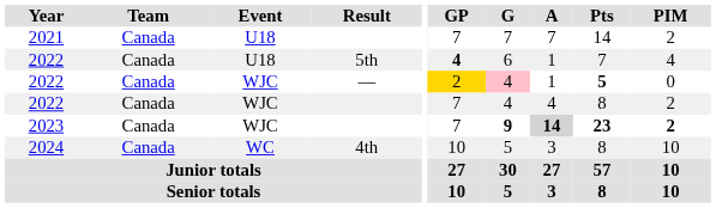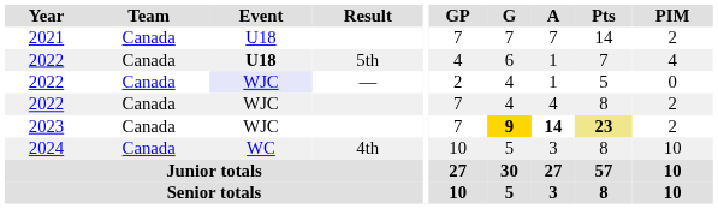 <table border="0" cellpadding="1" cellspacing="0" ID="Table3" style="text-align:center; width:40em">
 <tr bgcolor="#e0e0e0">
 <th>Year</th>
 <th>Team</th>
 <th>Event</th>
 <th>Result</th>
 <th rowspan="99" bgcolor="#ffffff"></th>
 <th>GP</th>
 <th>G</th>
 <th>A</th>
 <th>Pts</th>
 <th>PIM</th>
 </tr>
 <tr>
 <td><a href='#'>2021</a></td>
 <td><a href='#'>Canada</a></td>
 <td><a href='#'>U18</a></td>
 <td></td>
 <td>7</td>
 <td>7</td>
 <td>7</td>
 <td>14</td>
 <td>2</td>
 </tr>
 <tr bgcolor="#f0f0f0">
 <td><a href='#'>2022</a></td>
 <td>Canada</td>
-<td>U18</td>
+<td><strong>U18</strong></td>
 <td>5th</td>
-<td><strong>4</strong></td>
+<td>4</td>
 <td>6</td>
 <td>1</td>
 <td>7</td>
 <td>4</td>
 </tr>
 <tr>
 <td><a href='#'>2022</a></td>
 <td><a href='#'>Canada</a></td>
-<td><a href='#'>WJC</a></td>
+<td style="background: lavender;"><a href='#'>WJC</a></td>
 <td>—</td>
-<td style="background: gold;">2</td>
-<td style="background: pink;">4</td>
+<td>2</td>
+<td>4</td>
 <td>1</td>
-<td><strong>5</strong></td>
+<td>5</td>
 <td>0</td>
 </tr>
 <tr bgcolor="#f0f0f0">
 <td><a href='#'>2022</a></td>
 <td>Canada</td>
 <td>WJC</td>
 <td></td>
 <td>7</td>
 <td>4</td>
 <td>4</td>
 <td>8</td>
 <td>2</td>
 </tr>
 <tr>
 <td><a href='#'>2023</a></td>
 <td>Canada</td>
 <td>WJC</td>
 <td></td>
 <td>7</td>
-<td><strong>9</strong></td>
-<td style="background: lightgrey;"><strong>14</strong></td>
-<td><strong>23</strong></td>
-<td><strong>2</strong></td>
+<td style="background: gold;"><strong>9</strong></td>
+<td><strong>14</strong></td>
+<td style="background: khaki;"><strong>23</strong></td>
+<td>2</td>
 </tr>
 <tr bgcolor="#f0f0f0">
 <td><a href='#'>2024</a></td>
 <td><a href='#'>Canada</a></td>
 <td><a href='#'>WC</a></td>
 <td>4th</td>
 <td>10</td>
 <td>5</td>
 <td>3</td>
 <td>8</td>
 <td>10</td>
 </tr>
 <tr bgcolor="#e0e0e0">
 <th colspan="4">Junior totals</th>
 <th>27</th>
 <th>30</th>
 <th>27</th>
 <th>57</th>
 <th>10</th>
 </tr>
 <tr bgcolor="#e0e0e0">
 <th colspan="4">Senior totals</th>
 <th>10</th>
 <th>5</th>
 <th>3</th>
 <th>8</th>
 <th>10</th>
 </tr>
 </table>
